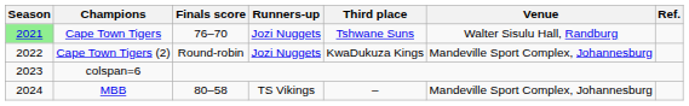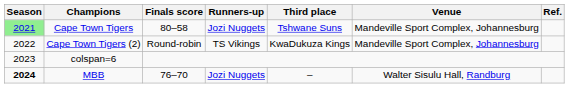 <table class="wikitable" style="text-align:center;">
 <tr>
 <th>Season</th>
 <th>Champions</th>
 <th>Finals score</th>
 <th>Runners-up</th>
 <th>Third place</th>
 <th>Venue</th>
 <th>Ref.</th>
 </tr>
 <tr>
 <td align="center" style="background: lightgreen;"><a href='#'>2021</a></td>
 <td><a href='#'>Cape Town Tigers</a></td>
-<td align="center">76–70</td>
+<td>80–58</td>
 <td><a href='#'>Jozi Nuggets</a></td>
 <td><a href='#'>Tshwane Suns</a></td>
-<td>Walter Sisulu Hall, <a href='#'>Randburg</a></td>
+<td>Mandeville Sport Complex, Johannesburg</td>
 <td align="center"></td>
 </tr>
 <tr>
 <td align=center>2022</td>
 <td><a href='#'>Cape Town Tigers</a> (2)</td>
 <td>Round-robin</td>
-<td><a href='#'>Jozi Nuggets</a></td>
+<td>TS Vikings</td>
 <td>KwaDukuza Kings</td>
 <td>Mandeville Sport Complex, <a href='#'>Johannesburg</a></td>
 <td></td>
 </tr>
 <tr>
 <td align=center>2023</td>
 <td>colspan=6  </td>
 </tr>
 <tr>
-<td>2024</td>
+<td><strong>2024</strong></td>
 <td><a href='#'>MBB</a></td>
-<td>80–58</td>
-<td>TS Vikings</td>
+<td align="center">76–70</td>
+<td><a href='#'>Jozi Nuggets</a></td>
 <td>–</td>
-<td>Mandeville Sport Complex, Johannesburg</td>
+<td>Walter Sisulu Hall, <a href='#'>Randburg</a></td>
 <td></td>
 </tr>
 </table>
